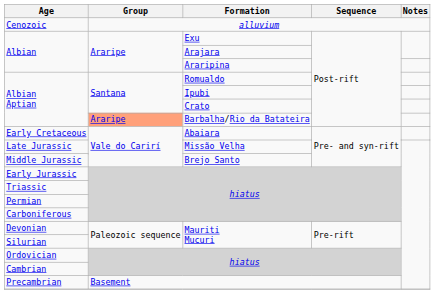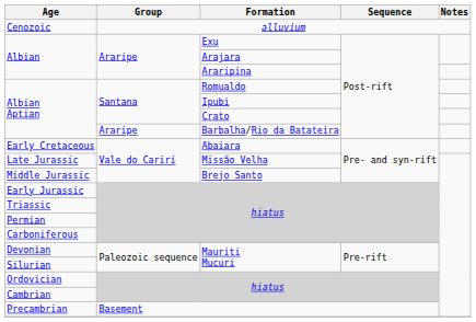 <table class="wikitable">
 <tr>
 <th>Age</th>
 <th>Group</th>
 <th>Formation</th>
 <th>Sequence</th>
 <th>Notes</th>
 </tr>
 <tr>
 <td style="background-color: "><a href='#'>Cenozoic</a></td>
 <td colspan=4 align=center><em><a href='#'>alluvium</a></em></td>
 </tr>
 <tr>
 <td rowspan=3 style="background-color: "><a href='#'>Albian</a></td>
 <td rowspan=3><a href='#'>Araripe</a></td>
 <td><a href='#'>Exu</a></td>
 <td rowspan=7>Post-rift</td>
 <td align=center rowspan=2></td>
 </tr>
 <tr>
 <td><a href='#'>Arajara</a></td>
 </tr>
 <tr>
 <td><a href='#'>Araripina</a></td>
 <td align=center></td>
 </tr>
 <tr>
 <td rowspan=4 style="background-color: "><a href='#'>Albian</a><br><a href='#'>Aptian</a></td>
 <td rowspan=3><a href='#'>Santana</a></td>
 <td><a href='#'>Romualdo</a></td>
 <td align=center></td>
 </tr>
 <tr>
 <td><a href='#'>Ipubi</a></td>
 <td align=center></td>
 </tr>
 <tr>
 <td><a href='#'>Crato</a></td>
 <td align=center></td>
 </tr>
 <tr>
-<td style="background: lightsalmon;"><a href='#'>Araripe</a></td>
+<td><a href='#'>Araripe</a></td>
 <td><a href='#'>Barbalha</a>/<a href='#'>Rio da Batateira</a></td>
 <td align=center></td>
 </tr>
 <tr>
 <td rowspan=2 style="background-color: "><a href='#'>Early Cretaceous</a></td>
 <td rowspan=5><a href='#'>Vale do Carirí</a></td>
 <td><a href='#'>Abaiara</a></td>
 <td rowspan=5>Pre- and syn-rift</td>
 <td align=center></td>
 </tr>
 <tr>
 <td rowspan=2><a href='#'>Missão Velha</a></td>
 <td align=center rowspan=13></td>
 </tr>
 <tr>
 <td rowspan=2 style="background-color: "><a href='#'>Late Jurassic</a></td>
 </tr>
 <tr>
 <td rowspan=2><a href='#'>Brejo Santo</a></td>
 </tr>
 <tr>
 <td style="background-color: "><a href='#'>Middle Jurassic</a></td>
 </tr>
 <tr>
 <td style="background-color: "><a href='#'>Early Jurassic</a></td>
 <td rowspan=4 colspan=3 bgcolor=lightgrey align=center><em><a href='#'>hiatus</a></em></td>
 </tr>
 <tr>
 <td style="background-color: "><a href='#'>Triassic</a></td>
 </tr>
 <tr>
 <td style="background-color: "><a href='#'>Permian</a></td>
 </tr>
 <tr>
 <td style="background-color: "><a href='#'>Carboniferous</a></td>
 </tr>
 <tr>
 <td style="background-color: "><a href='#'>Devonian</a></td>
 <td rowspan=2>Paleozoic sequence</td>
 <td rowspan=2><a href='#'>Mauriti</a><br><a href='#'>Mucuri</a></td>
 <td rowspan=2>Pre-rift</td>
 </tr>
 <tr>
 <td style="background-color: "><a href='#'>Silurian</a></td>
 </tr>
 <tr>
 <td style="background-color: "><a href='#'>Ordovician</a></td>
 <td rowspan=2 colspan=3 bgcolor=lightgrey align=center><em><a href='#'>hiatus</a></em></td>
 </tr>
 <tr>
 <td style="background-color: "><a href='#'>Cambrian</a></td>
 </tr>
 <tr>
 <td style="background-color: "><a href='#'>Precambrian</a></td>
 <td colspan=3><a href='#'>Basement</a></td>
 </tr>
 <tr>
 </tr>
 </table>
